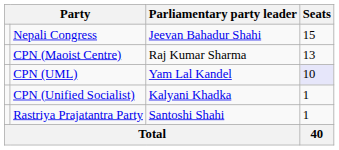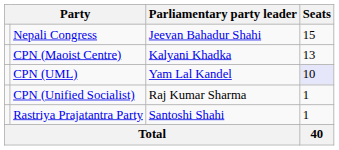 <table class="wikitable">
 <tr>
 <th colspan="2">Party</th>
 <th>Parliamentary party leader</th>
 <th>Seats</th>
 </tr>
 <tr>
 <td></td>
 <td><a href='#'>Nepali Congress</a></td>
 <td><a href='#'>Jeevan Bahadur Shahi</a></td>
 <td>15</td>
 </tr>
 <tr>
 <td></td>
 <td><a href='#'>CPN (Maoist Centre)</a></td>
-<td>Raj Kumar Sharma</td>
+<td><a href='#'>Kalyani Khadka</a></td>
 <td>13</td>
 </tr>
 <tr>
 <td></td>
 <td><a href='#'>CPN (UML)</a></td>
 <td><a href='#'>Yam Lal Kandel</a></td>
 <td style="background: lavender;">10</td>
 </tr>
 <tr>
 <td></td>
 <td><a href='#'>CPN (Unified Socialist)</a></td>
-<td><a href='#'>Kalyani Khadka</a></td>
+<td>Raj Kumar Sharma</td>
 <td>1</td>
 </tr>
 <tr>
 <td></td>
 <td><a href='#'>Rastriya Prajatantra Party</a></td>
 <td><a href='#'>Santoshi Shahi</a></td>
 <td>1</td>
 </tr>
 <tr>
 <th colspan="3">Total</th>
 <th>40</th>
 </tr>
 </table>
